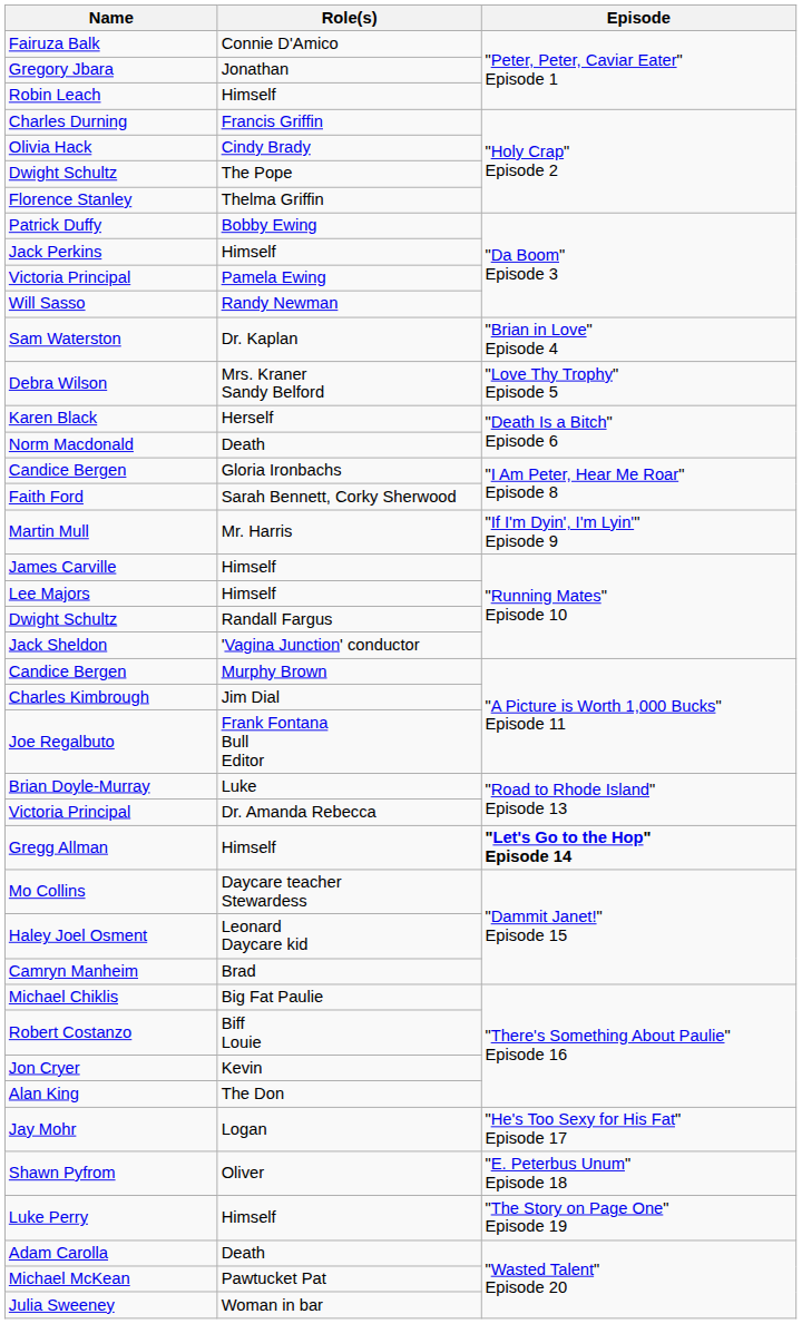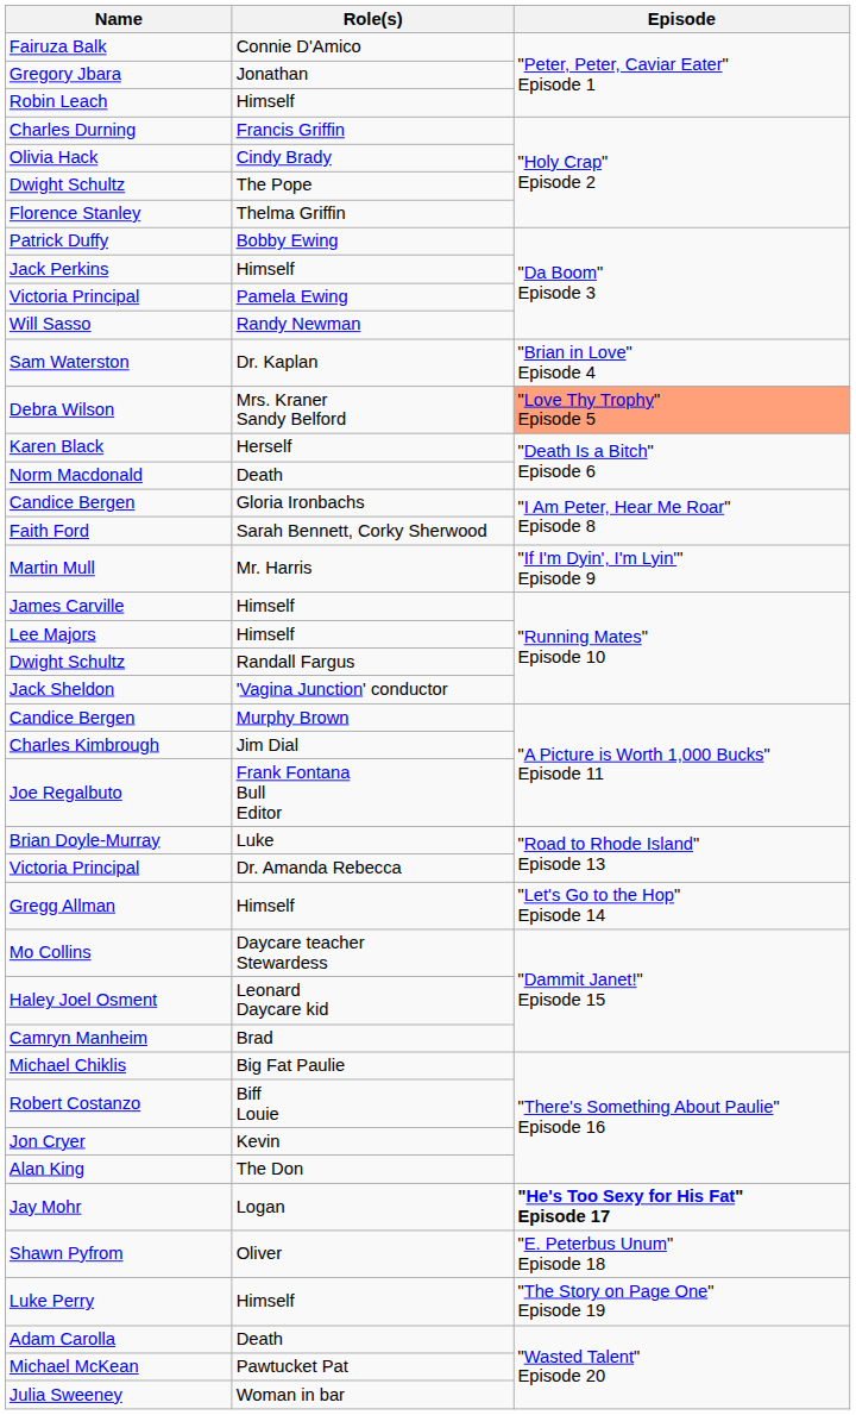 <table class="wikitable">
 <tr>
 <th scope="col" style="width: 200px;">Name</th>
 <th scope="col" style="width: 250px;">Role(s)</th>
 <th scope="col" style="width: 300px;">Episode</th>
 </tr>
 <tr>
 <td><a href='#'>Fairuza Balk</a></td>
 <td>Connie D'Amico</td>
 <td rowspan="3">"<a href='#'>Peter, Peter, Caviar Eater</a>"<br>Episode 1</td>
 </tr>
 <tr>
 <td><a href='#'>Gregory Jbara</a></td>
 <td>Jonathan</td>
 </tr>
 <tr>
 <td><a href='#'>Robin Leach</a></td>
 <td>Himself</td>
 </tr>
 <tr>
 <td><a href='#'>Charles Durning</a></td>
 <td><a href='#'>Francis Griffin</a></td>
 <td rowspan="4">"<a href='#'>Holy Crap</a>"<br>Episode 2</td>
 </tr>
 <tr>
 <td><a href='#'>Olivia Hack</a></td>
 <td><a href='#'>Cindy Brady</a></td>
 </tr>
 <tr>
 <td><a href='#'>Dwight Schultz</a></td>
 <td>The Pope</td>
 </tr>
 <tr>
 <td><a href='#'>Florence Stanley</a></td>
 <td>Thelma Griffin</td>
 </tr>
 <tr>
 <td><a href='#'>Patrick Duffy</a></td>
 <td><a href='#'>Bobby Ewing</a></td>
 <td rowspan="4">"<a href='#'>Da Boom</a>"<br>Episode 3</td>
 </tr>
 <tr>
 <td><a href='#'>Jack Perkins</a></td>
 <td>Himself</td>
 </tr>
 <tr>
 <td><a href='#'>Victoria Principal</a></td>
 <td><a href='#'>Pamela Ewing</a></td>
 </tr>
 <tr>
 <td><a href='#'>Will Sasso</a></td>
 <td><a href='#'>Randy Newman</a></td>
 </tr>
 <tr>
 <td><a href='#'>Sam Waterston</a></td>
 <td>Dr. Kaplan</td>
 <td>"<a href='#'>Brian in Love</a>"<br>Episode 4</td>
 </tr>
 <tr>
 <td><a href='#'>Debra Wilson</a></td>
 <td>Mrs. Kraner<br>Sandy Belford</td>
-<td>"<a href='#'>Love Thy Trophy</a>"<br>Episode 5</td>
+<td style="background: lightsalmon;">"<a href='#'>Love Thy Trophy</a>"<br>Episode 5</td>
 </tr>
 <tr>
 <td><a href='#'>Karen Black</a></td>
 <td>Herself</td>
 <td rowspan="2">"<a href='#'>Death Is a Bitch</a>"<br>Episode 6</td>
 </tr>
 <tr>
 <td><a href='#'>Norm Macdonald</a></td>
 <td>Death</td>
 </tr>
 <tr>
 <td><a href='#'>Candice Bergen</a></td>
 <td>Gloria Ironbachs</td>
 <td rowspan="2">"<a href='#'>I Am Peter, Hear Me Roar</a>"<br>Episode 8</td>
 </tr>
 <tr>
 <td><a href='#'>Faith Ford</a></td>
 <td>Sarah Bennett, Corky Sherwood</td>
 </tr>
 <tr>
 <td><a href='#'>Martin Mull</a></td>
 <td>Mr. Harris</td>
 <td>"<a href='#'>If I'm Dyin', I'm Lyin'</a>"<br>Episode 9</td>
 </tr>
 <tr>
 <td><a href='#'>James Carville</a></td>
 <td>Himself</td>
 <td rowspan="4">"<a href='#'>Running Mates</a>"<br>Episode 10</td>
 </tr>
 <tr>
 <td><a href='#'>Lee Majors</a></td>
 <td>Himself</td>
 </tr>
 <tr>
 <td><a href='#'>Dwight Schultz</a></td>
 <td>Randall Fargus</td>
 </tr>
 <tr>
 <td><a href='#'>Jack Sheldon</a></td>
 <td>'<a href='#'>Vagina Junction</a>' conductor</td>
 </tr>
 <tr>
 <td><a href='#'>Candice Bergen</a></td>
 <td><a href='#'>Murphy Brown</a></td>
 <td rowspan="3">"<a href='#'>A Picture is Worth 1,000 Bucks</a>"<br>Episode 11</td>
 </tr>
 <tr>
 <td><a href='#'>Charles Kimbrough</a></td>
 <td>Jim Dial</td>
 </tr>
 <tr>
 <td><a href='#'>Joe Regalbuto</a></td>
 <td><a href='#'>Frank Fontana</a><br>Bull<br>Editor</td>
 </tr>
 <tr>
 <td><a href='#'>Brian Doyle-Murray</a></td>
 <td>Luke</td>
 <td rowspan="2">"<a href='#'>Road to Rhode Island</a>"<br>Episode 13</td>
 </tr>
 <tr>
 <td><a href='#'>Victoria Principal</a></td>
 <td>Dr. Amanda Rebecca</td>
 </tr>
 <tr>
 <td><a href='#'>Gregg Allman</a></td>
 <td>Himself</td>
-<td><strong>"<a href='#'>Let's Go to the Hop</a>"<br>Episode 14</strong></td>
+<td>"<a href='#'>Let's Go to the Hop</a>"<br>Episode 14</td>
 </tr>
 <tr>
 <td><a href='#'>Mo Collins</a></td>
 <td>Daycare teacher<br>Stewardess</td>
 <td rowspan="3">"<a href='#'>Dammit Janet!</a>"<br>Episode 15</td>
 </tr>
 <tr>
 <td><a href='#'>Haley Joel Osment</a></td>
 <td>Leonard<br>Daycare kid</td>
 </tr>
 <tr>
 <td><a href='#'>Camryn Manheim</a></td>
 <td>Brad</td>
 </tr>
 <tr>
 <td><a href='#'>Michael Chiklis</a></td>
 <td>Big Fat Paulie</td>
 <td rowspan="4">"<a href='#'>There's Something About Paulie</a>"<br>Episode 16</td>
 </tr>
 <tr>
 <td><a href='#'>Robert Costanzo</a></td>
 <td>Biff<br>Louie</td>
 </tr>
 <tr>
 <td><a href='#'>Jon Cryer</a></td>
 <td>Kevin</td>
 </tr>
 <tr>
 <td><a href='#'>Alan King</a></td>
 <td>The Don</td>
 </tr>
 <tr>
 <td><a href='#'>Jay Mohr</a></td>
 <td>Logan</td>
-<td>"<a href='#'>He's Too Sexy for His Fat</a>"<br>Episode 17</td>
+<td><strong>"<a href='#'>He's Too Sexy for His Fat</a>"<br>Episode 17</strong></td>
 </tr>
 <tr>
 <td><a href='#'>Shawn Pyfrom</a></td>
 <td>Oliver</td>
 <td>"<a href='#'>E. Peterbus Unum</a>"<br>Episode 18</td>
 </tr>
 <tr>
 <td><a href='#'>Luke Perry</a></td>
 <td>Himself</td>
 <td>"<a href='#'>The Story on Page One</a>"<br>Episode 19</td>
 </tr>
 <tr>
 <td><a href='#'>Adam Carolla</a></td>
 <td>Death</td>
 <td rowspan="3">"<a href='#'>Wasted Talent</a>"<br>Episode 20</td>
 </tr>
 <tr>
 <td><a href='#'>Michael McKean</a></td>
 <td>Pawtucket Pat</td>
 </tr>
 <tr>
 <td><a href='#'>Julia Sweeney</a></td>
 <td>Woman in bar</td>
 </tr>
 </table>
